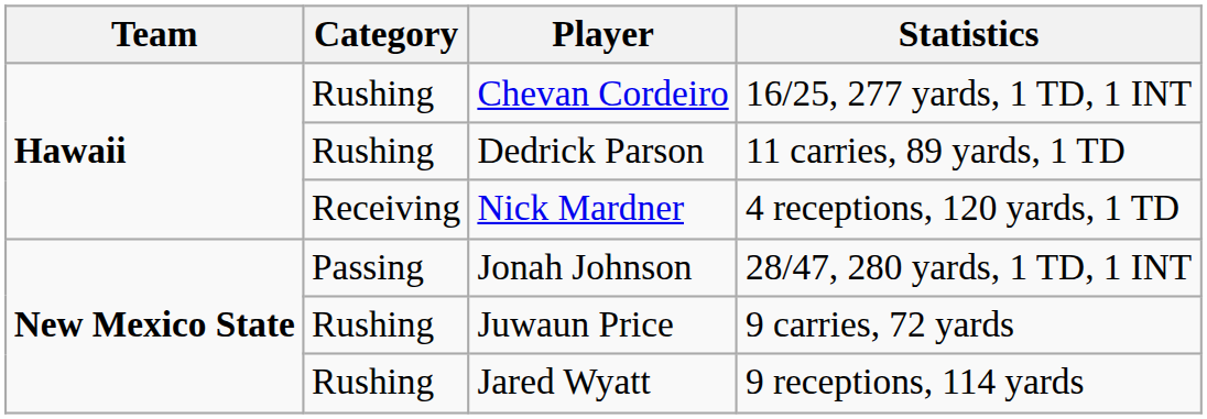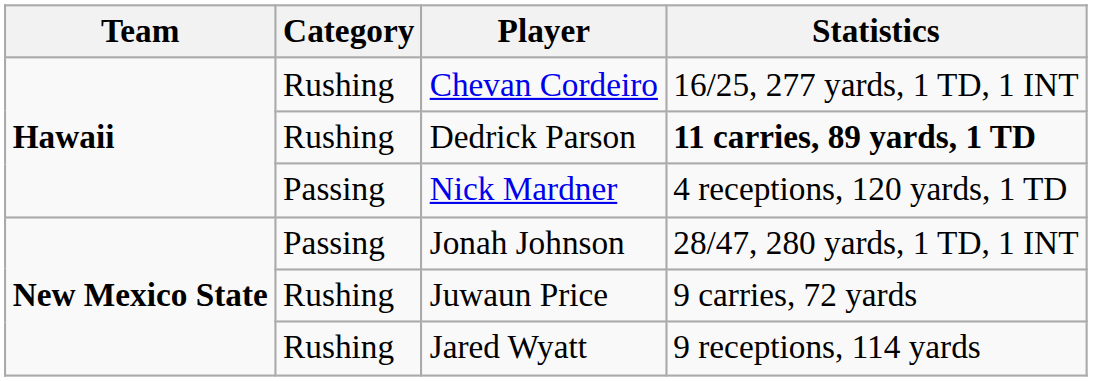 <table class="wikitable" style="float: left;">
 <tr>
 <th>Team</th>
 <th>Category</th>
 <th>Player</th>
 <th>Statistics</th>
 </tr>
 <tr>
 <td rowspan=3><strong>Hawaii</strong></td>
 <td>Rushing</td>
 <td><a href='#'>Chevan Cordeiro</a></td>
 <td>16/25, 277 yards, 1 TD, 1 INT</td>
 </tr>
 <tr>
 <td>Rushing</td>
 <td>Dedrick Parson</td>
-<td>11 carries, 89 yards, 1 TD</td>
+<td><strong>11 carries, 89 yards, 1 TD</strong></td>
 </tr>
 <tr>
-<td>Receiving</td>
+<td>Passing</td>
 <td><a href='#'>Nick Mardner</a></td>
 <td>4 receptions, 120 yards, 1 TD</td>
 </tr>
 <tr>
 <td rowspan=3><strong>New Mexico State</strong></td>
 <td>Passing</td>
 <td>Jonah Johnson</td>
 <td>28/47, 280 yards, 1 TD, 1 INT</td>
 </tr>
 <tr>
 <td>Rushing</td>
 <td>Juwaun Price</td>
 <td>9 carries, 72 yards</td>
 </tr>
 <tr>
 <td>Rushing</td>
 <td>Jared Wyatt</td>
 <td>9 receptions, 114 yards</td>
 </tr>
 </table>
